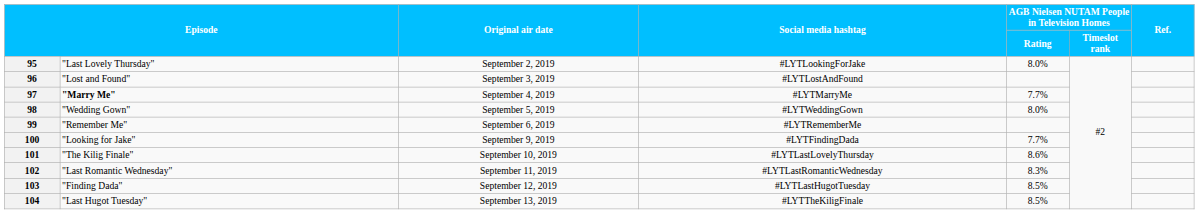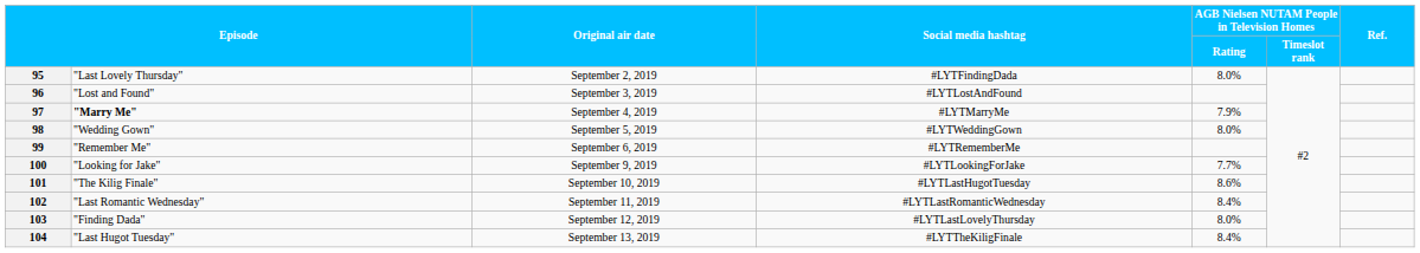 <table class="wikitable" style="text-align:center; font-size:100%; line-height:18px;" width="100%">
 <tr>
 <th style="background-color:#00BFFF; color:#ffffff;" colspan="2" rowspan="2">Episode</th>
 <th style="background-color:#00BFFF; color:white" rowspan="2">Original air date</th>
 <th style="background-color:#00BFFF; color:white" rowspan="2">Social media hashtag</th>
 <th style="background-color:#00BFFF; color:#ffffff;" colspan="2">AGB Nielsen NUTAM People in Television Homes</th>
 <th style="background-color:#00BFFF; color:#ffffff;" rowspan="2">Ref.</th>
 </tr>
 <tr>
 <th style="background-color:#00BFFF; width:75px; color:#ffffff;">Rating</th>
 <th style="background-color:#00BFFF; width:75px; color:#ffffff;">Timeslot<br>rank</th>
 </tr>
 <tr>
 <th>95</th>
 <td style="text-align: left;">"Last Lovely Thursday"</td>
 <td>September 2, 2019</td>
-<td>#LYTLookingForJake</td>
+<td>#LYTFindingDada</td>
 <td>8.0%</td>
 <td rowspan="10">#2</td>
 <td></td>
 </tr>
 <tr>
 <th>96</th>
 <td style="text-align: left;">"Lost and Found"</td>
 <td>September 3, 2019</td>
 <td>#LYTLostAndFound</td>
 <td></td>
 <td></td>
 </tr>
 <tr>
 <th>97</th>
 <td style="text-align: left;"><strong>"Marry Me"</strong></td>
 <td>September 4, 2019</td>
 <td>#LYTMarryMe</td>
-<td>7.7%</td>
+<td>7.9%</td>
 <td></td>
 </tr>
 <tr>
 <th>98</th>
 <td style="text-align: left;">"Wedding Gown"</td>
 <td>September 5, 2019</td>
 <td>#LYTWeddingGown</td>
 <td>8.0%</td>
 <td></td>
 </tr>
 <tr>
 <th>99</th>
 <td style="text-align: left;">"Remember Me"</td>
 <td>September 6, 2019</td>
 <td>#LYTRememberMe</td>
 <td></td>
 <td></td>
 </tr>
 <tr>
 <th>100</th>
 <td style="text-align: left;">"Looking for Jake"</td>
 <td>September 9, 2019</td>
-<td>#LYTFindingDada</td>
+<td>#LYTLookingForJake</td>
 <td>7.7%</td>
 <td></td>
 </tr>
 <tr>
 <th>101</th>
 <td style="text-align: left;">"The Kilig Finale" </td>
 <td>September 10, 2019</td>
-<td>#LYTLastLovelyThursday</td>
+<td>#LYTLastHugotTuesday</td>
 <td>8.6%</td>
 <td></td>
 </tr>
 <tr>
 <th>102</th>
 <td style="text-align: left;">"Last Romantic Wednesday"</td>
 <td>September 11, 2019</td>
 <td>#LYTLastRomanticWednesday</td>
-<td>8.3%</td>
+<td>8.4%</td>
 <td></td>
 </tr>
 <tr>
 <th>103</th>
 <td style="text-align: left;">"Finding Dada"</td>
 <td>September 12, 2019</td>
-<td>#LYTLastHugotTuesday</td>
-<td>8.5%</td>
+<td>#LYTLastLovelyThursday</td>
+<td>8.0%</td>
 <td></td>
 </tr>
 <tr>
 <th>104</th>
 <td style="text-align: left;">"Last Hugot Tuesday"</td>
 <td>September 13, 2019</td>
 <td>#LYTTheKiligFinale</td>
-<td>8.5%</td>
+<td>8.4%</td>
 <td></td>
 </tr>
 </table>
